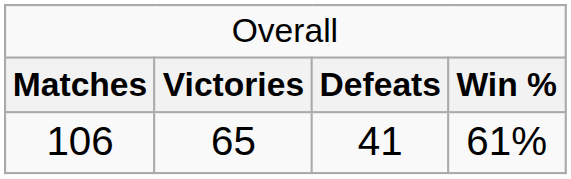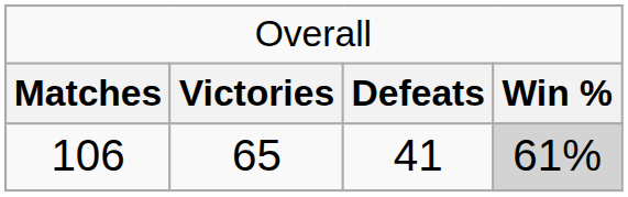 <table class="wikitable">
 <tr>
 <td align=center colspan=4>Overall</td>
 </tr>
 <tr>
 <th>Matches</th>
 <th>Victories</th>
 <th>Defeats</th>
 <th>Win %</th>
 </tr>
 <tr>
 <td align=center><big>106</big></td>
 <td align=center><big>65</big></td>
 <td align=center><big>41</big></td>
-<td align=center><big>61%</big></td>
+<td align=center style="background: lightgrey;"><big>61%</big></td>
 </tr>
 </table>
